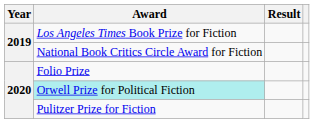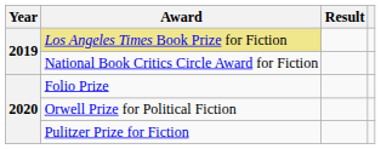 <table class="wikitable plainrowheaders sortable">
 <tr>
 <th scope="col">Year</th>
 <th scope="col">Award</th>
 <th scope="col">Result</th>
 <th scope="col" class="unsortable"></th>
 </tr>
 <tr>
 <th rowspan="2">2019</th>
-<td><a href='#'><em>Los Angeles Times</em> Book Prize</a> for Fiction</td>
+<td style="background: khaki;"><a href='#'><em>Los Angeles Times</em> Book Prize</a> for Fiction</td>
 <td></td>
 <td style="text-align:center;"></td>
 </tr>
 <tr>
 <td><a href='#'>National Book Critics Circle Award</a> for Fiction</td>
 <td></td>
 <td style="text-align:center;"></td>
 </tr>
 <tr>
 <th rowspan="3">2020</th>
 <td><a href='#'>Folio Prize</a></td>
 <td></td>
 <td style="text-align:center;"></td>
 </tr>
 <tr>
-<td style="background: paleturquoise;"><a href='#'>Orwell Prize</a> for Political Fiction</td>
+<td><a href='#'>Orwell Prize</a> for Political Fiction</td>
 <td></td>
 <td style="text-align:center;"></td>
 </tr>
 <tr>
 <td><a href='#'>Pulitzer Prize for Fiction</a></td>
 <td></td>
 <td style="text-align:center;"></td>
 </tr>
 </table>
